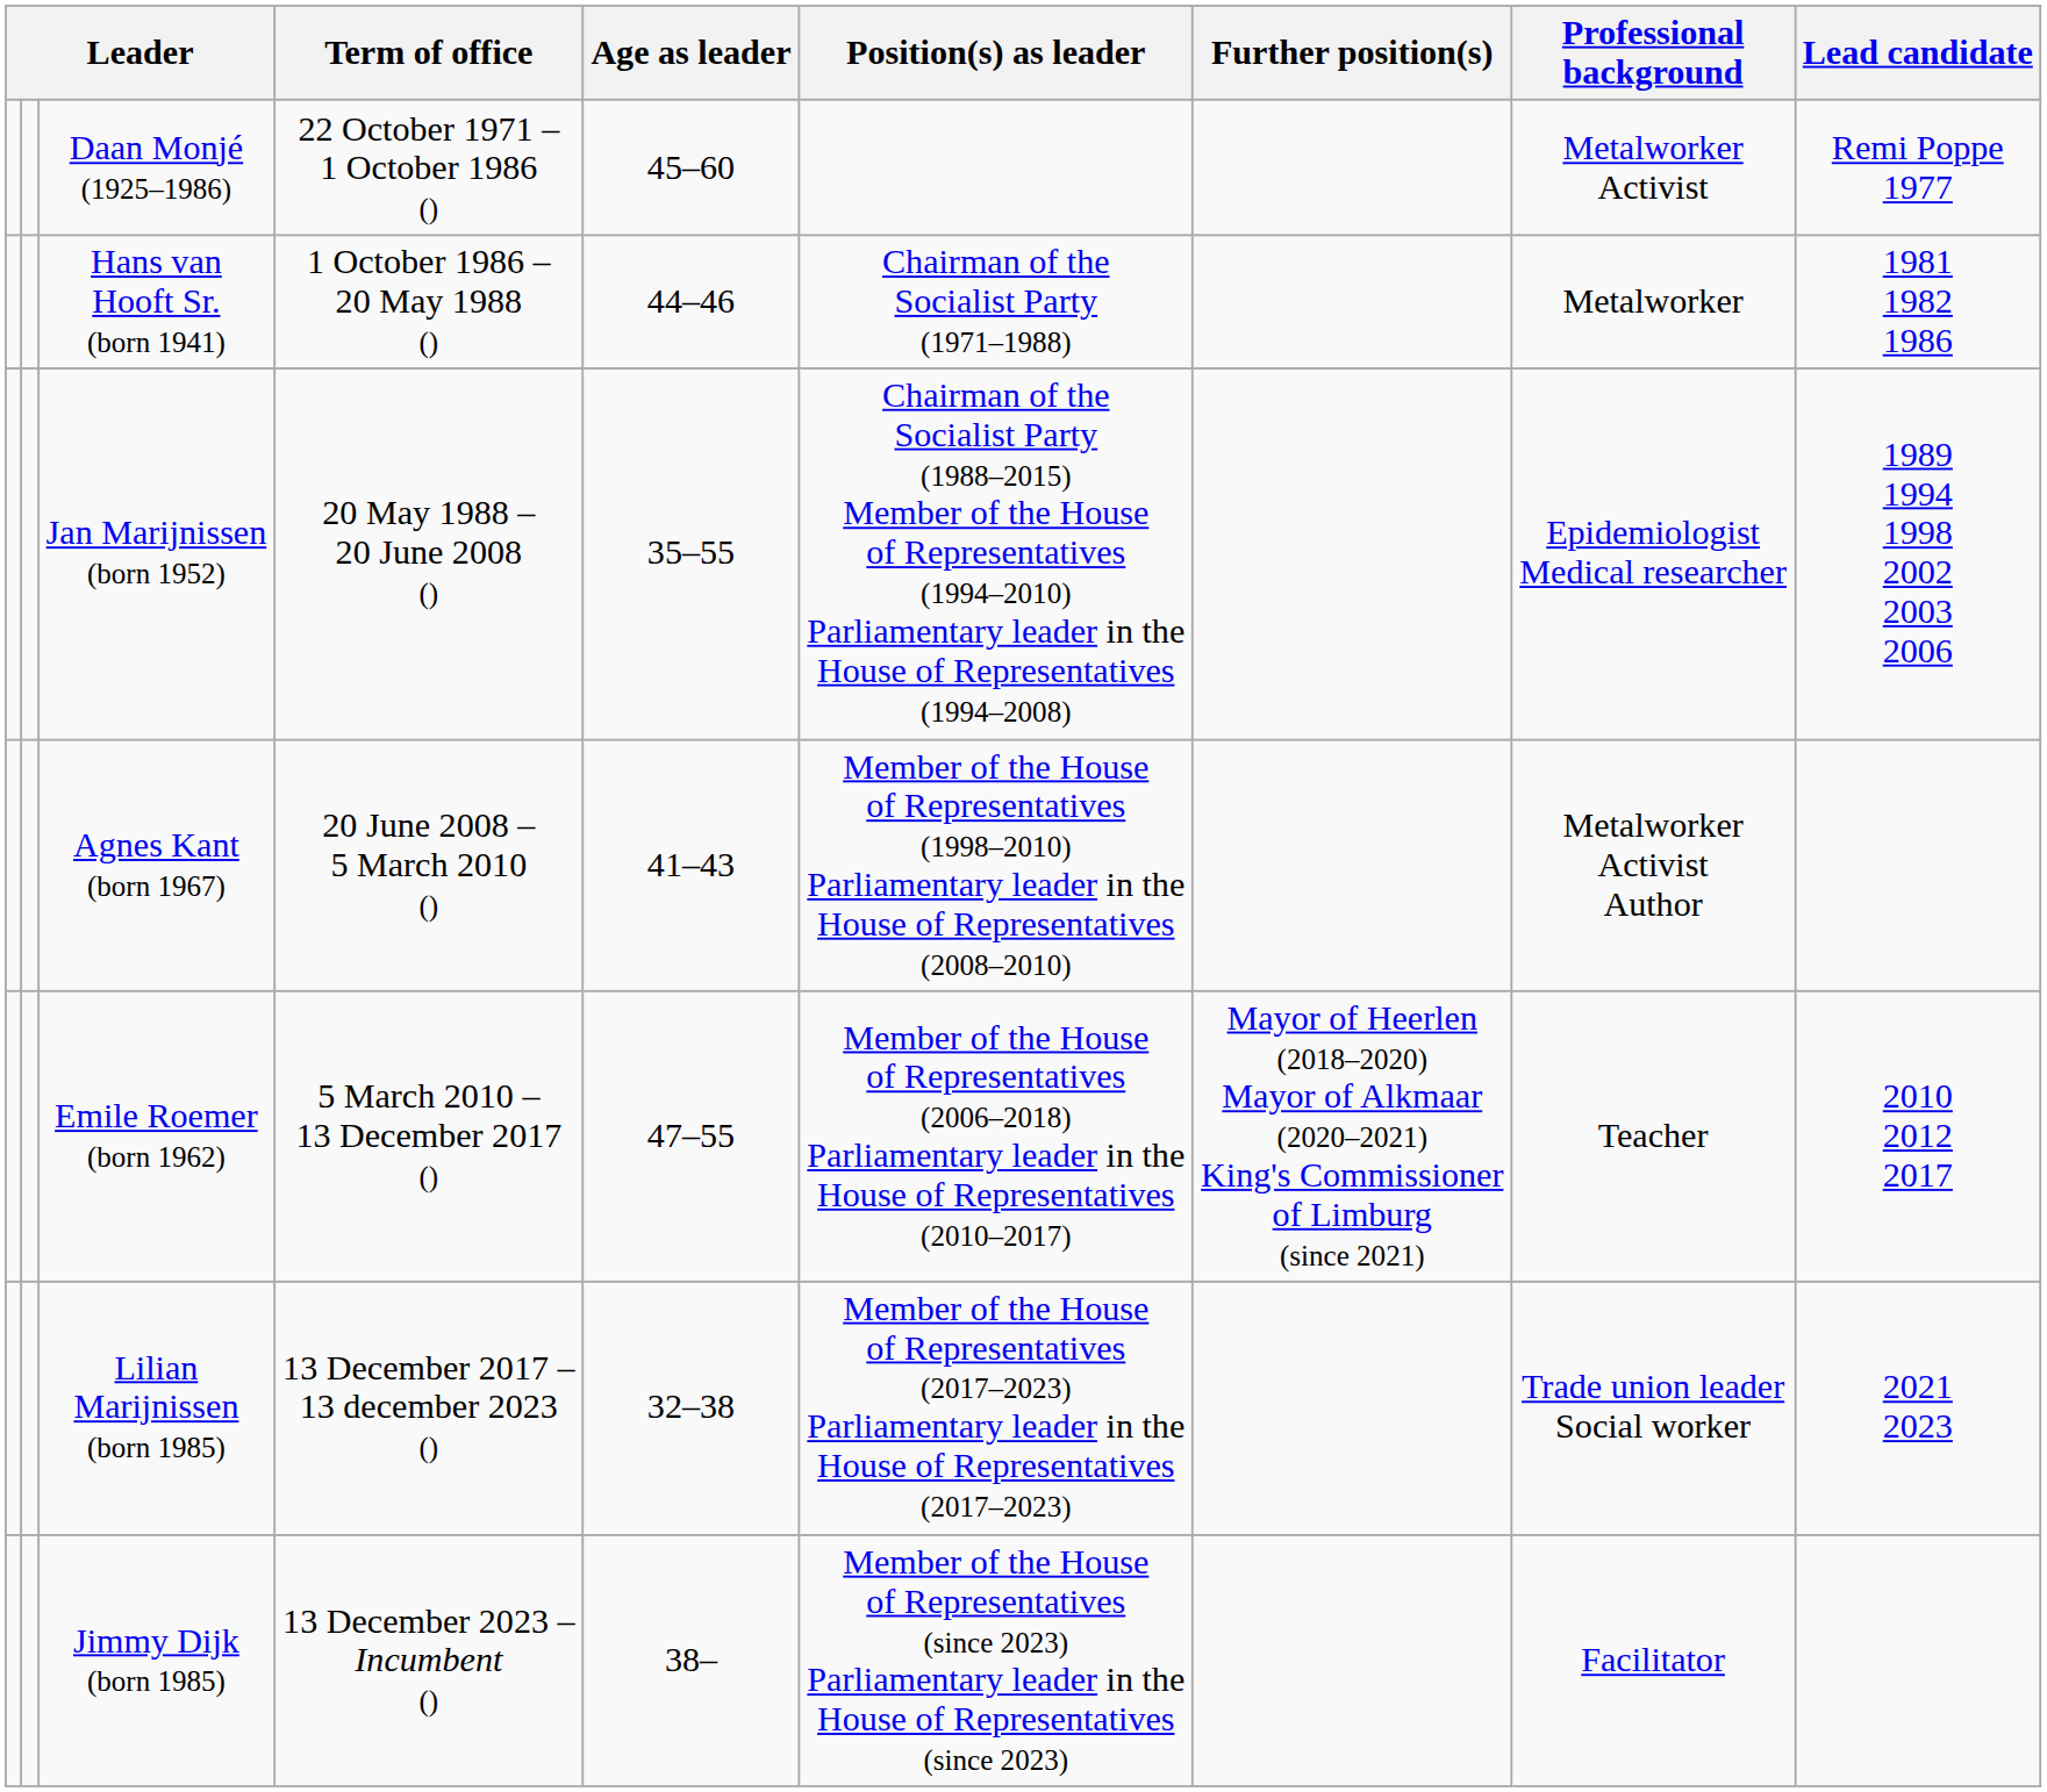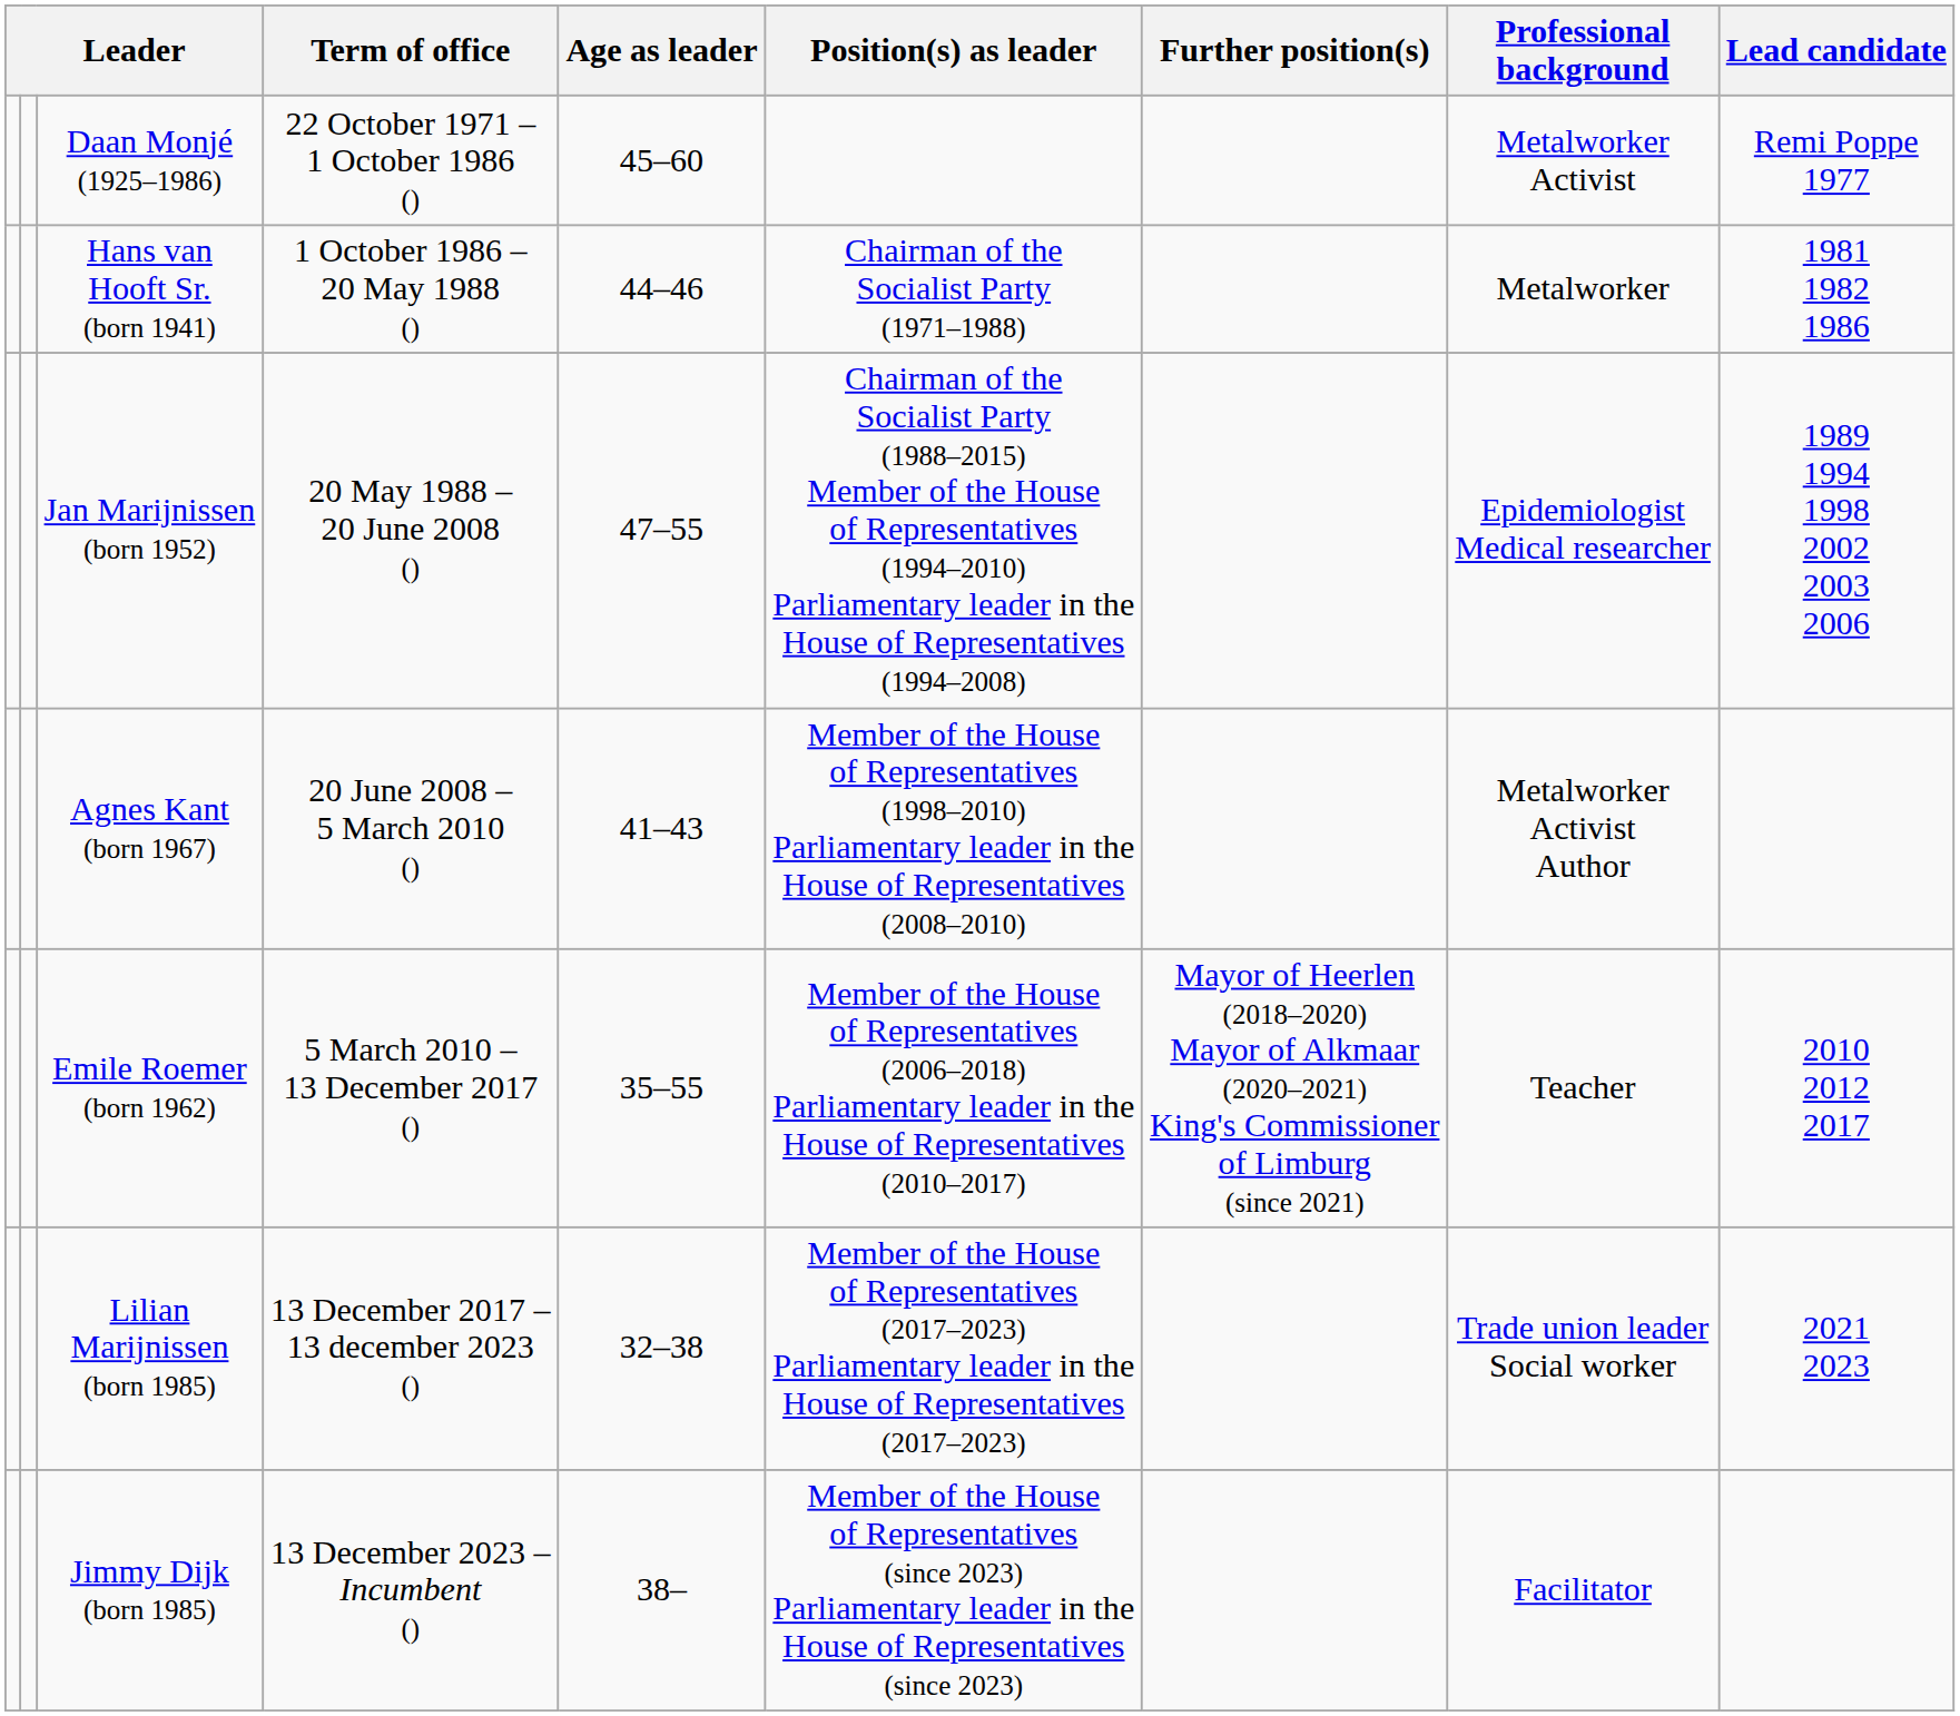 <table class="wikitable" style="text-align:center">
 <tr>
 <th colspan=3>Leader</th>
 <th>Term of office</th>
 <th>Age as leader</th>
 <th>Position(s) as leader</th>
 <th>Further position(s)</th>
 <th><a href='#'>Professional <br> background</a></th>
 <th><a href='#'>Lead candidate</a></th>
 </tr>
 <tr>
 <td style="background:"></td>
 <td></td>
 <td><a href='#'>Daan Monjé</a> <br> <small>(1925–1986)</small></td>
 <td>22 October 1971 – <br> 1 October 1986 <br> <small>()</small> <br> </td>
 <td>45–60</td>
 <td></td>
 <td></td>
 <td><a href='#'>Metalworker</a> <br> Activist</td>
 <td><a href='#'>Remi Poppe</a><br><a href='#'>1977</a></td>
 </tr>
 <tr>
 <td style="background:"></td>
 <td></td>
 <td><a href='#'>Hans van <br> Hooft Sr.</a> <br> <small>(born 1941)</small></td>
 <td>1 October 1986 – <br> 20 May 1988 <br> <small>()</small></td>
 <td>44–46</td>
 <td><a href='#'>Chairman of the <br> Socialist Party</a> <br> <small>(1971–1988)</small></td>
 <td></td>
 <td>Metalworker</td>
 <td><a href='#'>1981</a> <br> <a href='#'>1982</a> <br> <a href='#'>1986</a></td>
 </tr>
 <tr>
 <td style="background:"></td>
 <td></td>
 <td><a href='#'>Jan Marijnissen</a> <br> <small>(born 1952)</small></td>
 <td>20 May 1988 – <br> 20 June 2008 <br> <small>()</small></td>
-<td>35–55</td>
+<td>47–55</td>
 <td><a href='#'>Chairman of the <br> Socialist Party</a> <br> <small>(1988–2015)</small> <br> <a href='#'>Member of the House <br> of Representatives</a> <br> <small>(1994–2010)</small> <br> <a href='#'>Parliamentary leader</a> in the <br> <a href='#'>House of Representatives</a> <br> <small>(1994–2008)</small></td>
 <td></td>
 <td><a href='#'>Epidemiologist</a> <br> <a href='#'>Medical researcher</a></td>
 <td><a href='#'>1989</a> <br> <a href='#'>1994</a> <br> <a href='#'>1998</a> <br> <a href='#'>2002</a> <br> <a href='#'>2003</a> <br> <a href='#'>2006</a></td>
 </tr>
 <tr>
 <td style="background:"></td>
 <td></td>
 <td><a href='#'>Agnes Kant</a> <br> <small>(born 1967)</small></td>
 <td>20 June 2008 – <br> 5 March 2010 <br> <small>()</small></td>
 <td>41–43</td>
 <td><a href='#'>Member of the House <br> of Representatives</a> <br> <small>(1998–2010)</small> <br> <a href='#'>Parliamentary leader</a> in the <br> <a href='#'>House of Representatives</a> <br> <small>(2008–2010)</small></td>
 <td></td>
 <td>Metalworker <br> Activist <br> Author</td>
 <td></td>
 </tr>
 <tr>
 <td style="background:"></td>
 <td></td>
 <td><a href='#'>Emile Roemer</a> <br> <small>(born 1962)</small></td>
 <td>5 March 2010 – <br> 13 December 2017 <br> <small>()</small></td>
-<td>47–55</td>
+<td>35–55</td>
 <td><a href='#'>Member of the House <br> of Representatives</a> <br> <small>(2006–2018)</small> <br> <a href='#'>Parliamentary leader</a> in the <br> <a href='#'>House of Representatives</a> <br> <small>(2010–2017)</small></td>
 <td><a href='#'>Mayor of Heerlen</a> <br> <small>(2018–2020)</small> <br> <a href='#'>Mayor of Alkmaar</a> <br> <small>(2020–2021)</small> <br> <a href='#'>King's Commissioner <br> of Limburg</a> <br> <small>(since 2021)</small></td>
 <td>Teacher</td>
 <td><a href='#'>2010</a> <br> <a href='#'>2012</a> <br> <a href='#'>2017</a></td>
 </tr>
 <tr>
 <td style="background:"></td>
 <td></td>
 <td><a href='#'>Lilian <br> Marijnissen</a> <br> <small>(born 1985)</small></td>
 <td>13 December 2017 – <br> 13 december 2023 <br> <small>()</small></td>
 <td>32–38</td>
 <td><a href='#'>Member of the House <br> of Representatives</a> <br> <small>(2017–2023)</small> <br> <a href='#'>Parliamentary leader</a> in the <br> <a href='#'>House of Representatives</a> <br> <small>(2017–2023)</small></td>
 <td></td>
 <td><a href='#'>Trade union leader</a> <br> Social worker</td>
 <td><a href='#'>2021</a> <br> <a href='#'>2023</a></td>
 </tr>
 <tr>
 <td style="background:"></td>
 <td></td>
 <td><a href='#'>Jimmy Dijk</a> <br> <small>(born 1985)</small></td>
 <td>13 December 2023 – <br> <em>Incumbent</em> <br> <small>()</small></td>
 <td>38–</td>
 <td><a href='#'>Member of the House <br> of Representatives</a> <br> <small>(since 2023)</small> <br> <a href='#'>Parliamentary leader</a> in the <br> <a href='#'>House of Representatives</a> <br> <small>(since 2023)</small></td>
 <td></td>
 <td><a href='#'>Facilitator</a></td>
 <td></td>
 </tr>
 </table>
